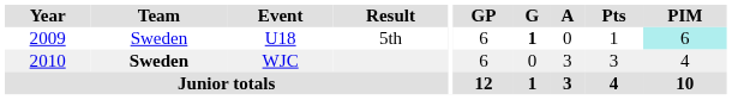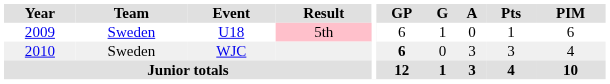 <table border="0" cellpadding="1" cellspacing="0" ID="Table3" style="text-align:center; width:40em">
 <tr ALIGN="center" bgcolor="#e0e0e0">
 <th>Year</th>
 <th>Team</th>
 <th>Event</th>
 <th>Result</th>
 <th rowspan="99" bgcolor="#ffffff"></th>
 <th>GP</th>
 <th>G</th>
 <th>A</th>
 <th>Pts</th>
 <th>PIM</th>
 </tr>
 <tr>
 <td><a href='#'>2009</a></td>
 <td><a href='#'>Sweden</a></td>
 <td><a href='#'>U18</a></td>
-<td>5th</td>
+<td style="background: pink;">5th</td>
 <td>6</td>
-<td><strong>1</strong></td>
+<td>1</td>
 <td>0</td>
 <td>1</td>
-<td style="background: paleturquoise;">6</td>
+<td>6</td>
 </tr>
 <tr bgcolor="#f0f0f0">
 <td><a href='#'>2010</a></td>
-<td><strong>Sweden</strong></td>
+<td>Sweden</td>
 <td><a href='#'>WJC</a></td>
 <td></td>
-<td>6</td>
+<td><strong>6</strong></td>
 <td>0</td>
 <td>3</td>
 <td>3</td>
 <td>4</td>
 </tr>
 <tr bgcolor="#e0e0e0">
 <th colspan="4">Junior totals</th>
 <th>12</th>
 <th>1</th>
 <th>3</th>
 <th>4</th>
 <th>10</th>
 </tr>
 </table>
